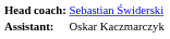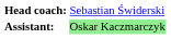 <table>
 <tr>
 <td><strong>Head coach:</strong></td>
 <td> <a href='#'>Sebastian Świderski</a></td>
 </tr>
 <tr>
 <td><strong>Assistant:</strong></td>
-<td> Oskar Kaczmarczyk</td>
+<td style="background: lightgreen;"> Oskar Kaczmarczyk</td>
 </tr>
 <tr>
 </tr>
 </table>
